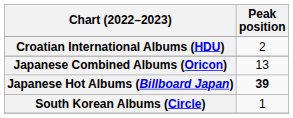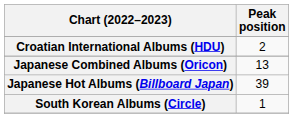 <table class="wikitable sortable plainrowheaders" style="text-align:center">
 <tr>
 <th scope="col">Chart (2022–2023)</th>
 <th scope="col">Peak<br>position</th>
 </tr>
 <tr>
 </tr>
 <tr>
 <th scope="row">Croatian International Albums (<a href='#'>HDU</a>)</th>
 <td>2</td>
 </tr>
 <tr>
 </tr>
 <tr>
 </tr>
 <tr>
 <th scope="row">Japanese Combined Albums (<a href='#'>Oricon</a>)</th>
 <td>13</td>
 </tr>
 <tr>
 <th scope="row">Japanese Hot Albums (<em><a href='#'>Billboard Japan</a></em>)</th>
-<td><strong>39</strong></td>
+<td>39</td>
 </tr>
 <tr>
 <th scope="row">South Korean Albums (<a href='#'>Circle</a>)</th>
 <td>1</td>
 </tr>
 <tr>
 </tr>
 <tr>
 </tr>
 </table>
